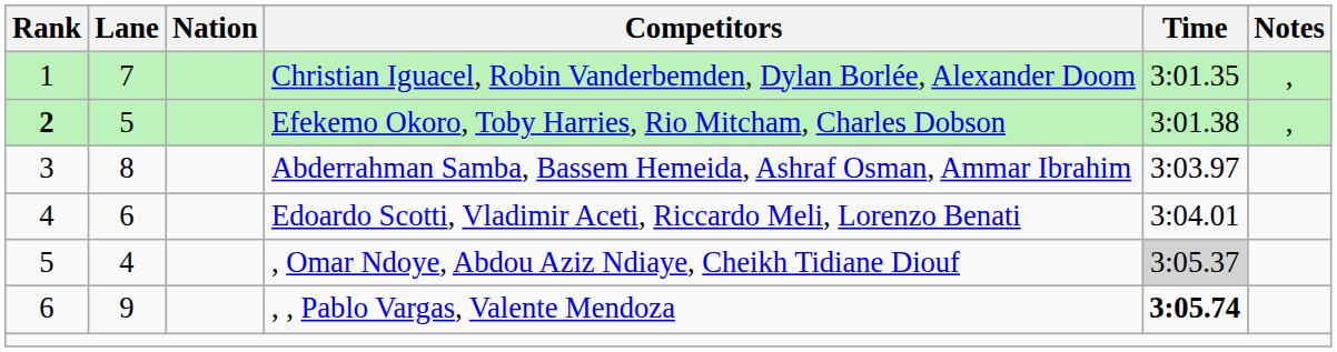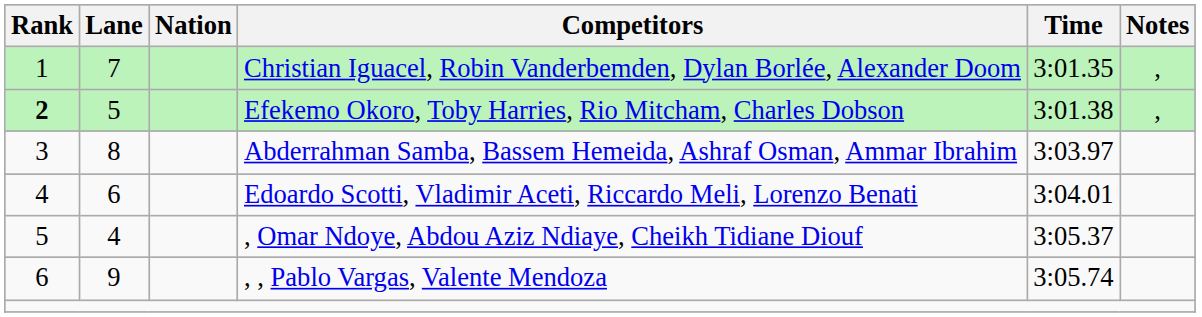 <table class="wikitable sortable" style="text-align:center">
 <tr>
 <th>Rank</th>
 <th>Lane</th>
 <th>Nation</th>
 <th>Competitors</th>
 <th>Time</th>
 <th>Notes</th>
 </tr>
 <tr bgcolor="#bbf3bb">
 <td>1</td>
 <td>7</td>
 <td align="left"></td>
 <td align="left"><a href='#'>Christian Iguacel</a>, <a href='#'>Robin Vanderbemden</a>, <a href='#'>Dylan Borlée</a>, <a href='#'>Alexander Doom</a></td>
 <td>3:01.35</td>
 <td>, </td>
 </tr>
 <tr bgcolor="#bbf3bb">
 <td><strong>2</strong></td>
 <td>5</td>
 <td align="left"></td>
 <td align="left"><a href='#'>Efekemo Okoro</a>, <a href='#'>Toby Harries</a>, <a href='#'>Rio Mitcham</a>, <a href='#'>Charles Dobson</a></td>
 <td>3:01.38</td>
 <td>, </td>
 </tr>
 <tr>
 <td>3</td>
 <td>8</td>
 <td align="left"></td>
 <td align="left"><a href='#'>Abderrahman Samba</a>, <a href='#'>Bassem Hemeida</a>, <a href='#'>Ashraf Osman</a>, <a href='#'>Ammar Ibrahim</a></td>
 <td>3:03.97</td>
 <td></td>
 </tr>
 <tr>
 <td>4</td>
 <td>6</td>
 <td align="left"></td>
 <td align="left"><a href='#'>Edoardo Scotti</a>, <a href='#'>Vladimir Aceti</a>, <a href='#'>Riccardo Meli</a>, <a href='#'>Lorenzo Benati</a></td>
 <td>3:04.01</td>
 <td></td>
 </tr>
 <tr>
 <td>5</td>
 <td>4</td>
 <td align="left"></td>
 <td align="left">, <a href='#'>Omar Ndoye</a>, <a href='#'>Abdou Aziz Ndiaye</a>, <a href='#'>Cheikh Tidiane Diouf</a></td>
-<td style="background: lightgrey;">3:05.37</td>
+<td>3:05.37</td>
 <td></td>
 </tr>
 <tr>
 <td>6</td>
 <td>9</td>
 <td align="left"></td>
 <td align="left">, , <a href='#'>Pablo Vargas</a>, <a href='#'>Valente Mendoza</a></td>
-<td><strong>3:05.74</strong></td>
+<td>3:05.74</td>
 <td></td>
 </tr>
 <tr class="sortbottom">
 <td colspan="6"></td>
 </tr>
 </table>
